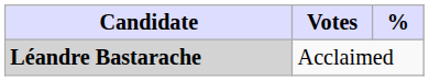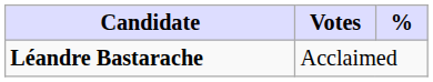 <table class="wikitable">
 <tr>
 <th style="background:#ddf; width:200px;">Candidate</th>
 <th style="background:#ddf; width:50px;">Votes</th>
 <th style="background:#ddf; width:30px;">%</th>
 </tr>
 <tr>
-<td style="background: lightgrey;"><strong>Léandre Bastarache</strong></td>
+<td><strong>Léandre Bastarache</strong></td>
 <td colspan="2">Acclaimed</td>
 </tr>
 </table>
